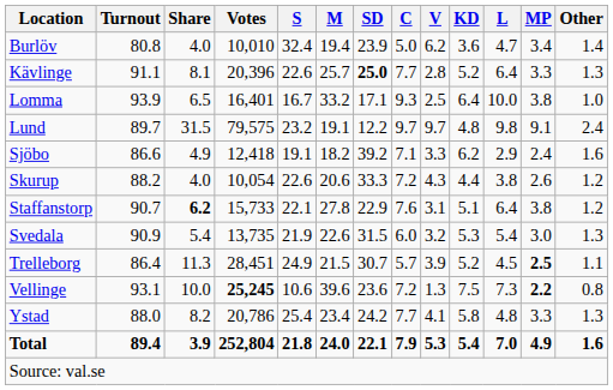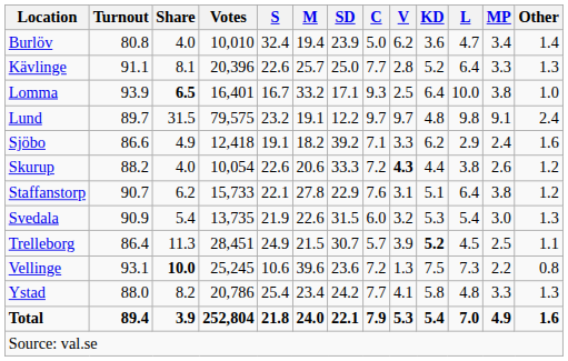 <table class="wikitable sortable" style=text-align:right>
 <tr>
 <th>Location</th>
 <th>Turnout</th>
 <th>Share</th>
 <th>Votes</th>
 <th><a href='#'>S</a></th>
 <th><a href='#'>M</a></th>
 <th><a href='#'>SD</a></th>
 <th><a href='#'>C</a></th>
 <th><a href='#'>V</a></th>
 <th><a href='#'>KD</a></th>
 <th><a href='#'>L</a></th>
 <th><a href='#'>MP</a></th>
 <th>Other</th>
 </tr>
 <tr>
 <td align=left><a href='#'>Burlöv</a></td>
 <td>80.8</td>
 <td>4.0</td>
 <td>10,010</td>
 <td>32.4</td>
 <td>19.4</td>
 <td>23.9</td>
 <td>5.0</td>
 <td>6.2</td>
 <td>3.6</td>
 <td>4.7</td>
 <td>3.4</td>
 <td>1.4</td>
 </tr>
 <tr>
 <td align=left><a href='#'>Kävlinge</a></td>
 <td>91.1</td>
 <td>8.1</td>
 <td>20,396</td>
 <td>22.6</td>
 <td>25.7</td>
-<td><strong>25.0</strong></td>
+<td>25.0</td>
 <td>7.7</td>
 <td>2.8</td>
 <td>5.2</td>
 <td>6.4</td>
 <td>3.3</td>
 <td>1.3</td>
 </tr>
 <tr>
 <td align=left><a href='#'>Lomma</a></td>
 <td>93.9</td>
-<td>6.5</td>
+<td><strong>6.5</strong></td>
 <td>16,401</td>
 <td>16.7</td>
 <td>33.2</td>
 <td>17.1</td>
 <td>9.3</td>
 <td>2.5</td>
 <td>6.4</td>
 <td>10.0</td>
 <td>3.8</td>
 <td>1.0</td>
 </tr>
 <tr>
 <td align=left><a href='#'>Lund</a></td>
 <td>89.7</td>
 <td>31.5</td>
 <td>79,575</td>
 <td>23.2</td>
 <td>19.1</td>
 <td>12.2</td>
 <td>9.7</td>
 <td>9.7</td>
 <td>4.8</td>
 <td>9.8</td>
 <td>9.1</td>
 <td>2.4</td>
 </tr>
 <tr>
 <td align=left><a href='#'>Sjöbo</a></td>
 <td>86.6</td>
 <td>4.9</td>
 <td>12,418</td>
 <td>19.1</td>
 <td>18.2</td>
 <td>39.2</td>
 <td>7.1</td>
 <td>3.3</td>
 <td>6.2</td>
 <td>2.9</td>
 <td>2.4</td>
 <td>1.6</td>
 </tr>
 <tr>
 <td align=left><a href='#'>Skurup</a></td>
 <td>88.2</td>
 <td>4.0</td>
 <td>10,054</td>
 <td>22.6</td>
 <td>20.6</td>
 <td>33.3</td>
 <td>7.2</td>
-<td>4.3</td>
+<td><strong>4.3</strong></td>
 <td>4.4</td>
 <td>3.8</td>
 <td>2.6</td>
 <td>1.2</td>
 </tr>
 <tr>
 <td align=left><a href='#'>Staffanstorp</a></td>
 <td>90.7</td>
-<td><strong>6.2</strong></td>
+<td>6.2</td>
 <td>15,733</td>
 <td>22.1</td>
 <td>27.8</td>
 <td>22.9</td>
 <td>7.6</td>
 <td>3.1</td>
 <td>5.1</td>
 <td>6.4</td>
 <td>3.8</td>
 <td>1.2</td>
 </tr>
 <tr>
 <td align=left><a href='#'>Svedala</a></td>
 <td>90.9</td>
 <td>5.4</td>
 <td>13,735</td>
 <td>21.9</td>
 <td>22.6</td>
 <td>31.5</td>
 <td>6.0</td>
 <td>3.2</td>
 <td>5.3</td>
 <td>5.4</td>
 <td>3.0</td>
 <td>1.3</td>
 </tr>
 <tr>
 <td align=left><a href='#'>Trelleborg</a></td>
 <td>86.4</td>
 <td>11.3</td>
 <td>28,451</td>
 <td>24.9</td>
 <td>21.5</td>
 <td>30.7</td>
 <td>5.7</td>
 <td>3.9</td>
-<td>5.2</td>
+<td><strong>5.2</strong></td>
 <td>4.5</td>
-<td><strong>2.5</strong></td>
+<td>2.5</td>
 <td>1.1</td>
 </tr>
 <tr>
 <td align=left><a href='#'>Vellinge</a></td>
 <td>93.1</td>
-<td>10.0</td>
-<td><strong>25,245</strong></td>
+<td><strong>10.0</strong></td>
+<td>25,245</td>
 <td>10.6</td>
 <td>39.6</td>
 <td>23.6</td>
 <td>7.2</td>
 <td>1.3</td>
 <td>7.5</td>
 <td>7.3</td>
-<td><strong>2.2</strong></td>
+<td>2.2</td>
 <td>0.8</td>
 </tr>
 <tr>
 <td align=left><a href='#'>Ystad</a></td>
 <td>88.0</td>
 <td>8.2</td>
 <td>20,786</td>
 <td>25.4</td>
 <td>23.4</td>
 <td>24.2</td>
 <td>7.7</td>
 <td>4.1</td>
 <td>5.8</td>
 <td>4.8</td>
 <td>3.3</td>
 <td>1.3</td>
 </tr>
 <tr>
 <td align=left><strong>Total</strong></td>
 <td><strong>89.4</strong></td>
 <td><strong>3.9</strong></td>
 <td><strong>252,804</strong></td>
 <td><strong>21.8</strong></td>
 <td><strong>24.0</strong></td>
 <td><strong>22.1</strong></td>
 <td><strong>7.9</strong></td>
 <td><strong>5.3</strong></td>
 <td><strong>5.4</strong></td>
 <td><strong>7.0</strong></td>
 <td><strong>4.9</strong></td>
 <td><strong>1.6</strong></td>
 </tr>
 <tr>
 <td align=left colspan=13>Source: val.se</td>
 </tr>
 </table>
